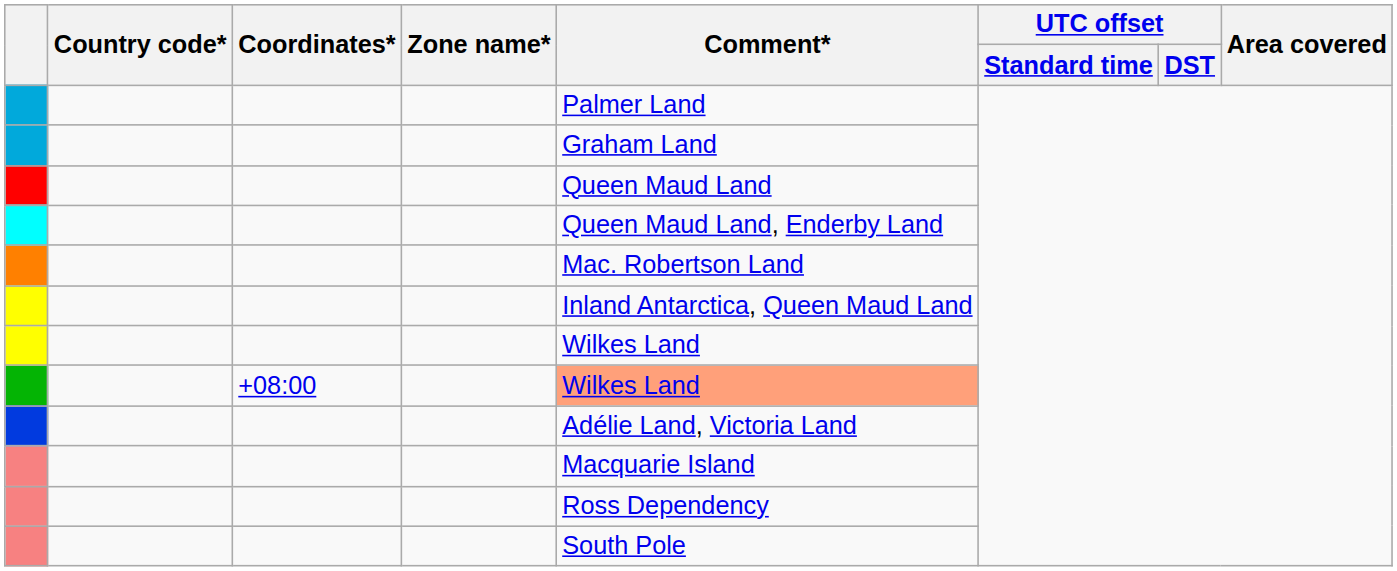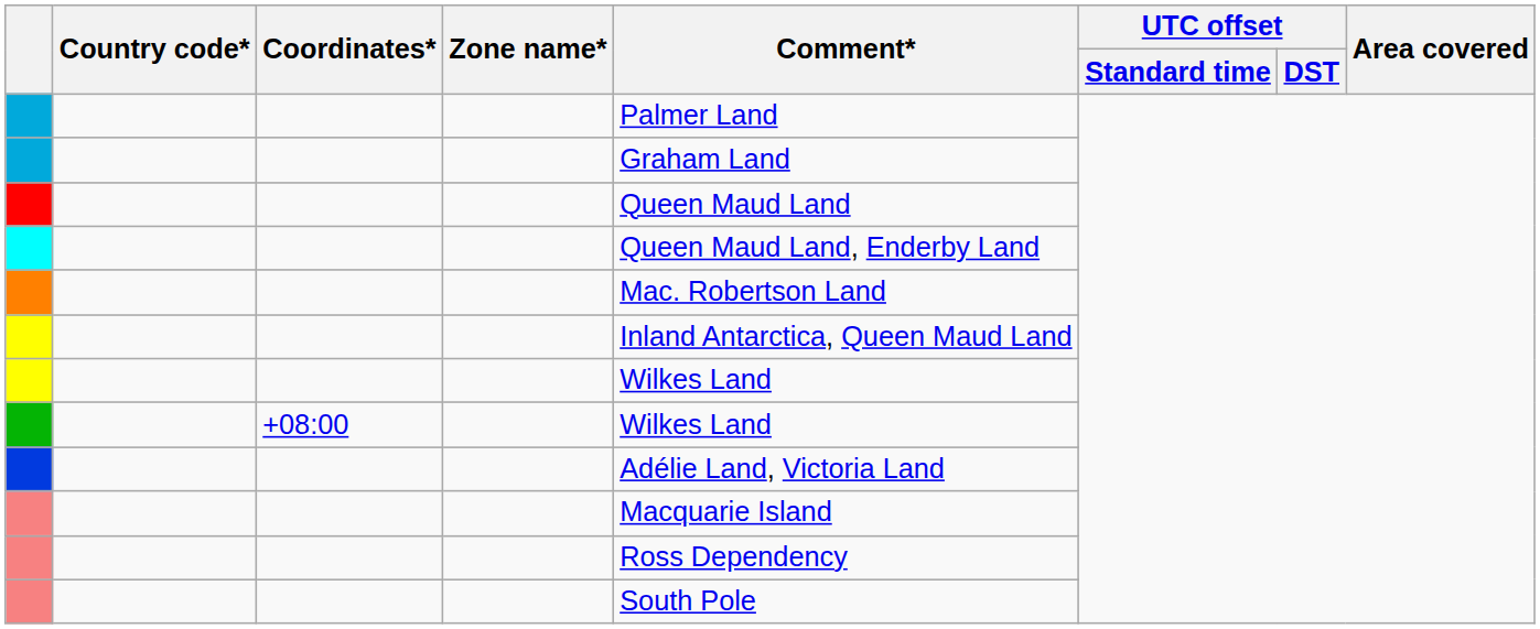 <table class="wikitable">
 <tr>
 <th rowspan="2" style="width:20px;"> </th>
 <th rowspan="2">Country code*</th>
 <th rowspan="2">Coordinates*</th>
 <th rowspan="2">Zone name*</th>
 <th rowspan="2">Comment*</th>
 <th colspan="2"><a href='#'>UTC offset</a></th>
 <th rowspan="2">Area covered</th>
 </tr>
 <tr>
 <th><a href='#'>Standard time</a></th>
 <th><a href='#'>DST</a></th>
 </tr>
 <tr>
 <td style="background:#01A9DB;"></td>
 <td></td>
 <td></td>
 <td></td>
 <td><a href='#'>Palmer Land</a></td>
 </tr>
 <tr>
 <td style="background:#01A9DB;"></td>
 <td></td>
 <td></td>
 <td></td>
 <td><a href='#'>Graham Land</a></td>
 </tr>
 <tr>
 <td style="background:#f00;"></td>
 <td></td>
 <td></td>
 <td></td>
 <td><a href='#'>Queen Maud Land</a></td>
 </tr>
 <tr>
 <td style="background:#0ff;"></td>
 <td></td>
 <td></td>
 <td></td>
 <td><a href='#'>Queen Maud Land</a>, <a href='#'>Enderby Land</a></td>
 </tr>
 <tr>
 <td style="background:#FF8000;"></td>
 <td></td>
 <td></td>
 <td></td>
 <td><a href='#'>Mac. Robertson Land</a></td>
 </tr>
 <tr>
 <td style="background:#ff0;"></td>
 <td></td>
 <td></td>
 <td></td>
 <td><a href='#'>Inland Antarctica</a>, <a href='#'>Queen Maud Land</a></td>
 </tr>
 <tr>
 <td style="background:#ff0;"></td>
 <td></td>
 <td></td>
 <td></td>
 <td><a href='#'>Wilkes Land</a></td>
 </tr>
 <tr>
 <td style="background:#04B404;"></td>
 <td></td>
 <td><a href='#'>+08:00</a></td>
 <td></td>
-<td style="background: lightsalmon;"><a href='#'>Wilkes Land</a></td>
+<td><a href='#'>Wilkes Land</a></td>
 </tr>
 <tr>
 <td style="background:#013ADF;"></td>
 <td></td>
 <td></td>
 <td></td>
 <td><a href='#'>Adélie Land</a>, <a href='#'>Victoria Land</a></td>
 </tr>
 <tr>
 <td style="background:#F78181;"></td>
 <td></td>
 <td></td>
 <td></td>
 <td><a href='#'>Macquarie Island</a></td>
 </tr>
 <tr>
 <td style="background:#F78181;"></td>
 <td></td>
 <td></td>
 <td></td>
 <td><a href='#'>Ross Dependency</a></td>
 </tr>
 <tr>
 <td style="background:#F78181;"></td>
 <td></td>
 <td></td>
 <td></td>
 <td><a href='#'>South Pole</a></td>
 </tr>
 </table>
